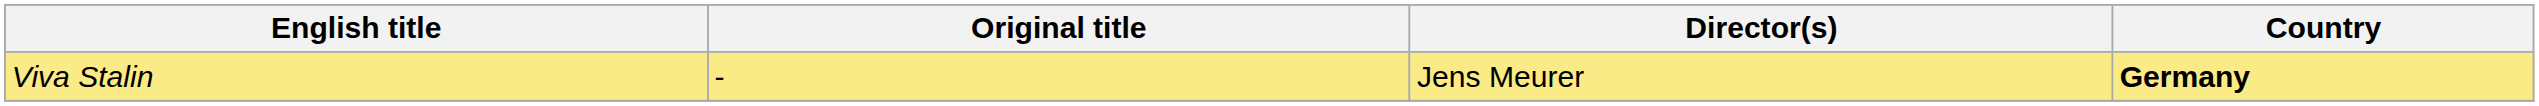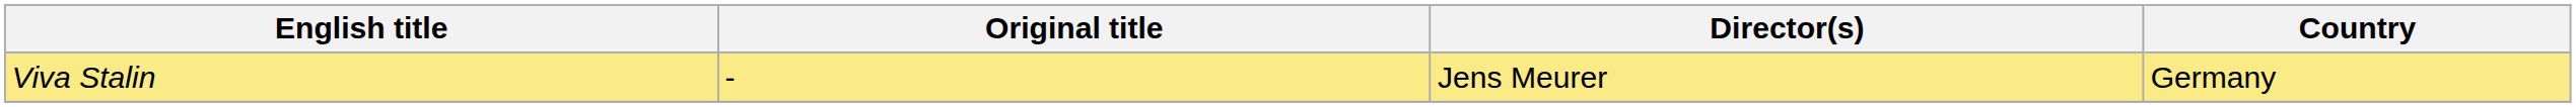 <table class="wikitable" width="85%" cellpadding="5">
 <tr>
 <th width="25%">English title</th>
 <th width="25%">Original title</th>
 <th width="25%">Director(s)</th>
 <th width="15%">Country</th>
 </tr>
 <tr style="background:#FAEB86">
 <td><em>Viva Stalin</em></td>
 <td>-</td>
 <td>Jens Meurer</td>
-<td><strong>Germany</strong></td>
+<td>Germany</td>
 </tr>
 <tr>
 </tr>
 </table>
